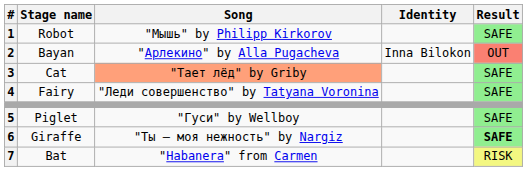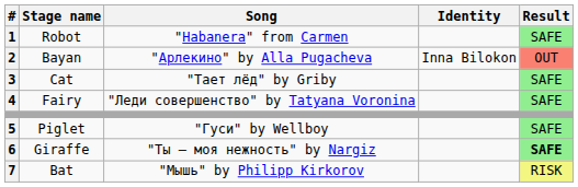 <table class="wikitable plainrowheaders" style="text-align: center">
 <tr>
 <th>#</th>
 <th>Stage name</th>
 <th>Song</th>
 <th>Identity</th>
 <th>Result</th>
 </tr>
 <tr>
 <th>1</th>
 <td>Robot</td>
-<td>"Мышь" by <a href='#'>Philipp Kirkorov</a></td>
+<td>"<a href='#'>Habanera</a>" from <a href='#'>Carmen</a></td>
 <td></td>
 <td bgcolor=lightgreen>SAFE</td>
 </tr>
 <tr>
 <th>2</th>
 <td>Bayan</td>
 <td>"<a href='#'>Арлекино</a>" by <a href='#'>Alla Pugacheva</a></td>
 <td>Inna Bilokon</td>
 <td bgcolor=salmon>OUT</td>
 </tr>
 <tr>
 <th>3</th>
 <td>Cat</td>
-<td style="background: lightsalmon;">"Тает лёд" by Griby</td>
+<td>"Тает лёд" by Griby</td>
 <td></td>
 <td bgcolor=lightgreen>SAFE</td>
 </tr>
 <tr>
 <th>4</th>
 <td>Fairy</td>
 <td>"Леди совершенство" by <a href='#'>Tatyana Voronina</a></td>
 <td></td>
 <td bgcolor=lightgreen>SAFE</td>
 </tr>
 <tr>
 <td colspan="5" style="background:darkgray"></td>
 </tr>
 <tr>
 <th>5</th>
 <td>Piglet</td>
 <td>"Гуси" by Wellboy</td>
 <td></td>
 <td bgcolor=lightgreen>SAFE</td>
 </tr>
 <tr>
 <th>6</th>
 <td>Giraffe</td>
 <td>"Ты ― моя нежность" by <a href='#'>Nargiz</a></td>
 <td></td>
 <td bgcolor=lightgreen><strong>SAFE</strong></td>
 </tr>
 <tr>
 <th>7</th>
 <td>Bat</td>
-<td>"<a href='#'>Habanera</a>" from <a href='#'>Carmen</a></td>
+<td>"Мышь" by <a href='#'>Philipp Kirkorov</a></td>
 <td></td>
 <td bgcolor="#F3F781">RISK</td>
 </tr>
 </table>
